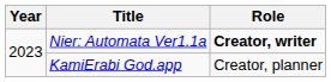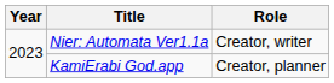 <table class="wikitable">
 <tr>
 <th>Year</th>
 <th>Title</th>
 <th class="unsortable">Role</th>
 </tr>
 <tr>
 <td rowspan="2">2023</td>
 <td><em><a href='#'>Nier: Automata Ver1.1a</a></em></td>
-<td><strong>Creator, writer</strong></td>
+<td>Creator, writer</td>
 </tr>
 <tr>
 <td><em><a href='#'>KamiErabi God.app</a></em></td>
 <td>Creator, planner</td>
 </tr>
 </table>
